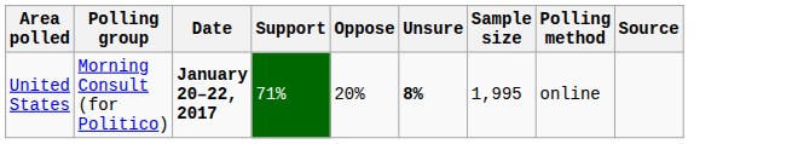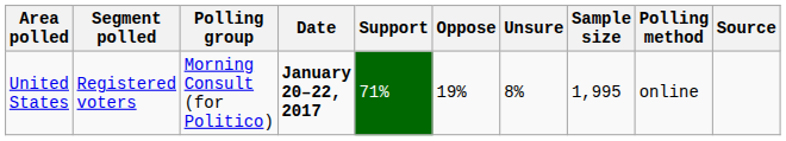 <table class="wikitable sortable" style="width: 75%;">
 <tr>
 <th>Area polled</th>
+<th>Segment polled</th>
 <th>Polling group</th>
 <th>Date</th>
 <th>Support</th>
 <th>Oppose</th>
 <th>Unsure</th>
 <th>Sample size</th>
 <th>Polling method</th>
 <th>Source</th>
 </tr>
 <tr>
 <td> <a href='#'>United States</a></td>
+<td><a href='#'>Registered voters</a></td>
 <td><a href='#'>Morning Consult</a> (for <a href='#'>Politico</a>)</td>
 <td><strong>January 20–22, 2017</strong></td>
 <td style="background:#006800; color: white">71%</td>
-<td>20%</td>
-<td><strong>8%</strong></td>
+<td>19%</td>
+<td>8%</td>
 <td>1,995</td>
 <td>online</td>
 <td></td>
 </tr>
 </table>
